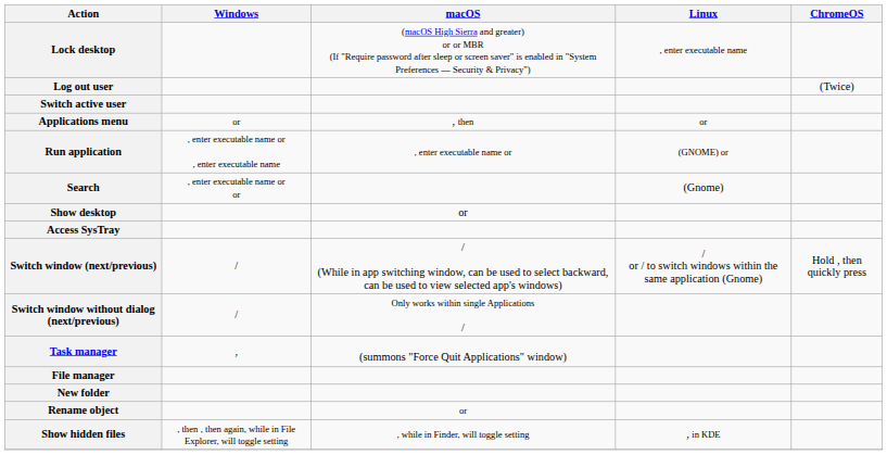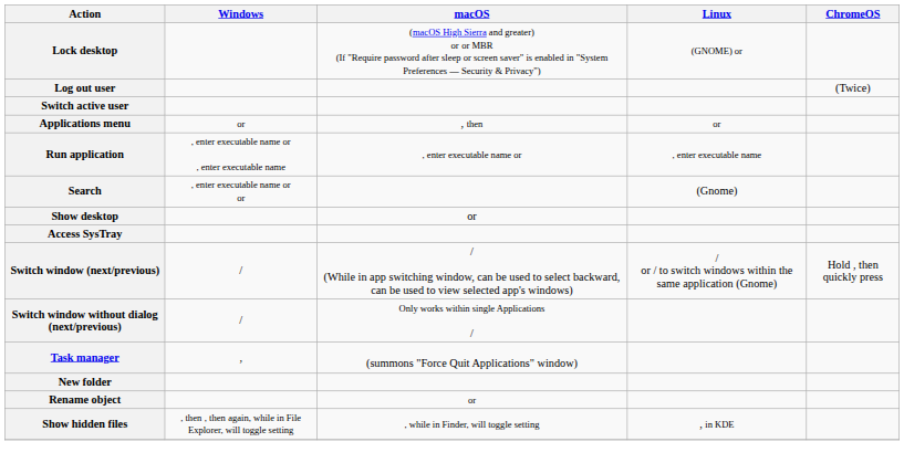 <table class="wikitable" style="width: 100%; text-align: center;">
 <tr>
 <th scope="col">Action</th>
 <th scope="col"><a href='#'>Windows</a></th>
 <th scope="col"><a href='#'>macOS</a></th>
 <th scope="col"><a href='#'>Linux</a></th>
 <th scope="col"><a href='#'>ChromeOS</a></th>
 </tr>
 <tr>
 <th scope="row">Lock desktop</th>
 <td></td>
 <td> <small>(<a href='#'>macOS High Sierra</a> and greater)</small><br><small>or</small>  <small>or MBR</small> <br><small>(If "Require password after sleep or screen saver" is enabled in "System Preferences — Security & Privacy")</small></td>
-<td><small>, enter executable name</small></td>
+<td> <small>(GNOME) or</small> </td>
 <td></td>
 </tr>
 <tr>
 <th scope="row">Log out user</th>
 <td></td>
 <td></td>
 <td><a href='#'></a></td>
 <td> (Twice)</td>
 </tr>
 <tr>
 <th scope="row">Switch active user</th>
 <td></td>
 <td></td>
 <td></td>
 <td></td>
 </tr>
 <tr>
 <th scope="row">Applications menu</th>
 <td> <small>or</small> <br></td>
 <td>, <small>then</small> </td>
 <td> <small>or</small> <br></td>
 <td></td>
 </tr>
 <tr>
 <th scope="row">Run application</th>
 <td><small>, enter executable name or</small> <br><br><small>, enter executable name</small></td>
 <td><small>, enter executable name or</small> </td>
-<td> <small>(GNOME) or</small> </td>
+<td><small>, enter executable name</small></td>
 <td></td>
 </tr>
 <tr>
 <th scope="row">Search</th>
 <td><small>, enter executable name or</small> <br> <small>or</small> </td>
 <td></td>
 <td> (Gnome)</td>
 <td></td>
 </tr>
 <tr>
 <th scope="row">Show desktop</th>
 <td></td>
 <td> or </td>
 <td></td>
 <td></td>
 </tr>
 <tr>
 <th scope="row">Access SysTray</th>
 <td></td>
 <td></td>
 <td></td>
 <td></td>
 </tr>
 <tr>
 <th scope="row">Switch window (next/previous)</th>
 <td> /<br></td>
 <td> /<br><br> (While in app switching window,  can be used to  select backward,  can be used to view selected app's windows)</td>
 <td> /<br> or  /   to switch windows within the same application (Gnome)</td>
 <td>Hold , then quickly press </td>
 </tr>
 <tr>
 <th scope="row">Switch window without dialog (next/previous)</th>
 <td> /<br></td>
 <td><small>Only works within single Applications</small><br><br> / </td>
 <td></td>
 <td></td>
 </tr>
 <tr>
 <th scope="col"><a href='#'>Task manager</a></th>
 <td>,<br><a href='#'></a></td>
 <td><br>(summons "Force Quit Applications" window)</td>
 <td></td>
 <td></td>
 </tr>
 <tr>
-<th scope="row">File manager</th>
-<td></td>
-<td></td>
-<td></td>
-<td></td>
-</tr>
-<tr>
 <th scope="row">New folder</th>
 <td></td>
 <td></td>
 <td></td>
 <td></td>
 </tr>
 <tr>
 <th scope="row">Rename object</th>
 <td></td>
 <td> <small>or</small> </td>
 <td></td>
 <td></td>
 </tr>
 <tr>
 <th scope="row">Show hidden files</th>
 <td><small>, then</small> <small>, then</small>  <small> again, while in File Explorer, will toggle setting</small></td>
 <td><small>, while in Finder, will toggle setting</small></td>
 <td>,  <small>in KDE</small></td>
 <td></td>
 </tr>
 <tr>
 </tr>
 </table>
